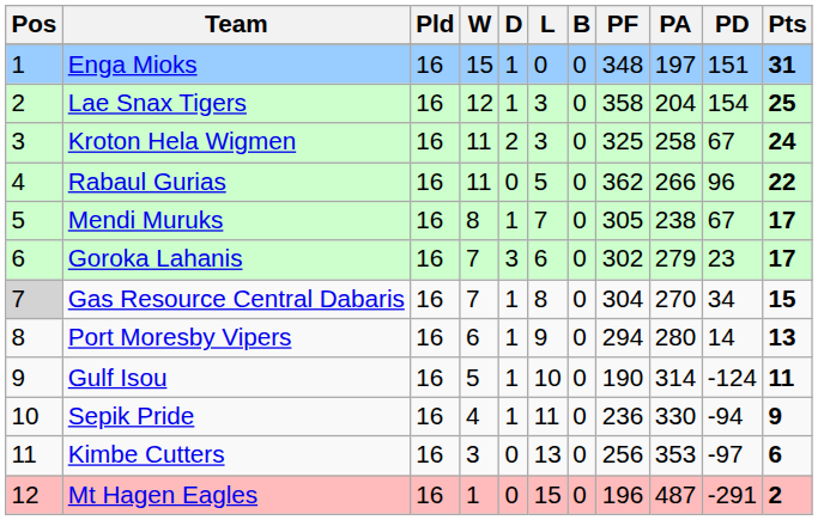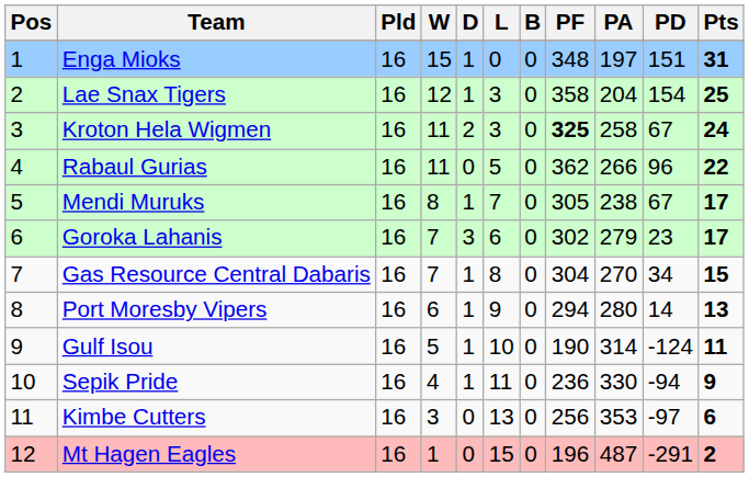 <table class="wikitable">
 <tr>
 <th>Pos</th>
 <th>Team</th>
 <th>Pld</th>
 <th>W</th>
 <th>D</th>
 <th>L</th>
 <th>B</th>
 <th>PF</th>
 <th>PA</th>
 <th>PD</th>
 <th>Pts</th>
 </tr>
 <tr>
 </tr>
 <tr>
 <td style="background: #99ccff;">1</td>
 <td style="background: #99ccff;"><a href='#'>Enga Mioks</a></td>
 <td style="background: #99ccff;">16</td>
 <td style="background: #99ccff;">15</td>
 <td style="background: #99ccff;">1</td>
 <td style="background: #99ccff;">0</td>
 <td style="background: #99ccff;">0</td>
 <td style="background: #99ccff;">348</td>
 <td style="background: #99ccff;">197</td>
 <td style="background: #99ccff;">151</td>
 <td style="background: #99ccff;"><strong>31</strong></td>
 </tr>
 <tr>
 <td style="background: #ccffcc;">2</td>
 <td style="background: #ccffcc;"> <a href='#'>Lae Snax Tigers</a></td>
 <td style="background: #ccffcc;">16</td>
 <td style="background: #ccffcc;">12</td>
 <td style="background: #ccffcc;">1</td>
 <td style="background: #ccffcc;">3</td>
 <td style="background: #ccffcc;">0</td>
 <td style="background: #ccffcc;">358</td>
 <td style="background: #ccffcc;">204</td>
 <td style="background: #ccffcc;">154</td>
 <td style="background: #ccffcc;"><strong>25</strong></td>
 </tr>
 <tr>
 <td style="background: #ccffcc;">3</td>
 <td style="background: #ccffcc;"><a href='#'>Kroton Hela Wigmen</a></td>
 <td style="background: #ccffcc;">16</td>
 <td style="background: #ccffcc;">11</td>
 <td style="background: #ccffcc;">2</td>
 <td style="background: #ccffcc;">3</td>
 <td style="background: #ccffcc;">0</td>
-<td style="background: #ccffcc;">325</td>
+<td style="background: #ccffcc;"><strong>325</strong></td>
 <td style="background: #ccffcc;">258</td>
 <td style="background: #ccffcc;">67</td>
 <td style="background: #ccffcc;"><strong>24</strong></td>
 </tr>
 <tr>
 <td style="background: #ccffcc;">4</td>
 <td style="background: #ccffcc;"><a href='#'>Rabaul Gurias</a></td>
 <td style="background: #ccffcc;">16</td>
 <td style="background: #ccffcc;">11</td>
 <td style="background: #ccffcc;">0</td>
 <td style="background: #ccffcc;">5</td>
 <td style="background: #ccffcc;">0</td>
 <td style="background: #ccffcc;">362</td>
 <td style="background: #ccffcc;">266</td>
 <td style="background: #ccffcc;">96</td>
 <td style="background: #ccffcc;"><strong>22</strong></td>
 </tr>
 <tr>
 <td style="background: #ccffcc;">5</td>
 <td style="background: #ccffcc;"><a href='#'>Mendi Muruks</a></td>
 <td style="background: #ccffcc;">16</td>
 <td style="background: #ccffcc;">8</td>
 <td style="background: #ccffcc;">1</td>
 <td style="background: #ccffcc;">7</td>
 <td style="background: #ccffcc;">0</td>
 <td style="background: #ccffcc;">305</td>
 <td style="background: #ccffcc;">238</td>
 <td style="background: #ccffcc;">67</td>
 <td style="background: #ccffcc;"><strong>17</strong></td>
 </tr>
 <tr>
 <td style="background: #ccffcc;">6</td>
 <td style="background: #ccffcc;"><a href='#'>Goroka Lahanis</a></td>
 <td style="background: #ccffcc;">16</td>
 <td style="background: #ccffcc;">7</td>
 <td style="background: #ccffcc;">3</td>
 <td style="background: #ccffcc;">6</td>
 <td style="background: #ccffcc;">0</td>
 <td style="background: #ccffcc;">302</td>
 <td style="background: #ccffcc;">279</td>
 <td style="background: #ccffcc;">23</td>
 <td style="background: #ccffcc;"><strong>17</strong></td>
 </tr>
 <tr>
-<td style="background: lightgrey;">7</td>
+<td>7</td>
 <td><a href='#'>Gas Resource Central Dabaris</a></td>
 <td>16</td>
 <td>7</td>
 <td>1</td>
 <td>8</td>
 <td>0</td>
 <td>304</td>
 <td>270</td>
 <td>34</td>
 <td><strong>15</strong></td>
 </tr>
 <tr>
 <td>8</td>
 <td> <a href='#'>Port Moresby Vipers</a></td>
 <td>16</td>
 <td>6</td>
 <td>1</td>
 <td>9</td>
 <td>0</td>
 <td>294</td>
 <td>280</td>
 <td>14</td>
 <td><strong>13</strong></td>
 </tr>
 <tr>
 <td>9</td>
 <td><a href='#'>Gulf Isou</a></td>
 <td>16</td>
 <td>5</td>
 <td>1</td>
 <td>10</td>
 <td>0</td>
 <td>190</td>
 <td>314</td>
 <td>-124</td>
 <td><strong>11</strong></td>
 </tr>
 <tr>
 <td>10</td>
 <td><a href='#'>Sepik Pride</a></td>
 <td>16</td>
 <td>4</td>
 <td>1</td>
 <td>11</td>
 <td>0</td>
 <td>236</td>
 <td>330</td>
 <td>-94</td>
 <td><strong>9</strong></td>
 </tr>
 <tr>
 <td>11</td>
 <td> <a href='#'>Kimbe Cutters</a></td>
 <td>16</td>
 <td>3</td>
 <td>0</td>
 <td>13</td>
 <td>0</td>
 <td>256</td>
 <td>353</td>
 <td>-97</td>
 <td><strong>6</strong></td>
 </tr>
 <tr>
 <td style="background: #ffbbbb;">12</td>
 <td style="background: #ffbbbb;"><a href='#'>Mt Hagen Eagles</a></td>
 <td style="background: #ffbbbb;">16</td>
 <td style="background: #ffbbbb;">1</td>
 <td style="background: #ffbbbb;">0</td>
 <td style="background: #ffbbbb;">15</td>
 <td style="background: #ffbbbb;">0</td>
 <td style="background: #ffbbbb;">196</td>
 <td style="background: #ffbbbb;">487</td>
 <td style="background: #ffbbbb;">-291</td>
 <td style="background: #ffbbbb;"><strong>2</strong></td>
 </tr>
 </table>
